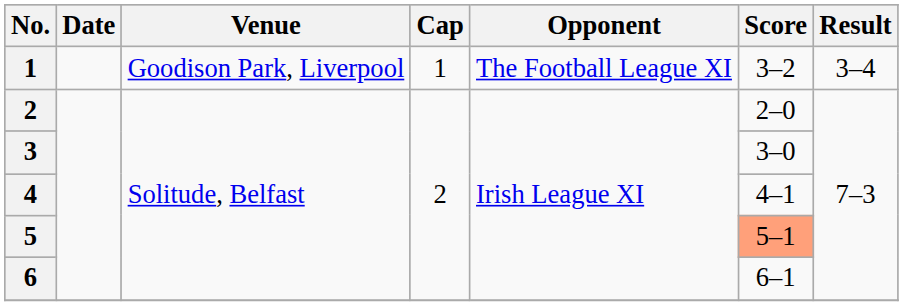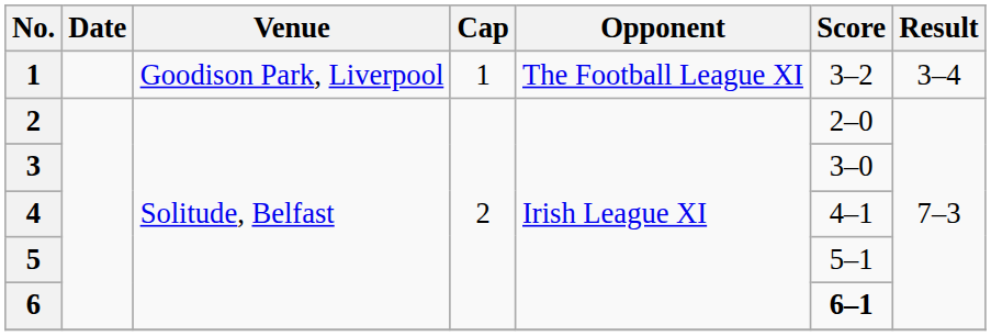 <table class="wikitable sortable plainrowheaders">
 <tr>
 <th scope=col>No.</th>
 <th scope=col data-sort-type=date>Date</th>
 <th scope=col>Venue</th>
 <th scope=col>Cap</th>
 <th scope=col>Opponent</th>
 <th scope=col>Score</th>
 <th scope=col>Result</th>
 </tr>
 <tr>
 <th scope=row>1</th>
 <td></td>
 <td><a href='#'>Goodison Park</a>, <a href='#'>Liverpool</a></td>
 <td align=center>1</td>
 <td> <a href='#'>The Football League XI</a></td>
 <td align=center>3–2</td>
 <td align=center>3–4</td>
 </tr>
 <tr>
 <th scope=row>2</th>
 <td rowspan = "5"></td>
 <td rowspan = "5"><a href='#'>Solitude</a>, <a href='#'>Belfast</a></td>
 <td rowspan = "5" align=center>2</td>
 <td rowspan = "5"> <a href='#'>Irish League XI</a></td>
 <td align=center>2–0</td>
 <td rowspan = "5" align=center>7–3</td>
 </tr>
 <tr>
 <th scope=row>3</th>
 <td align=center>3–0</td>
 </tr>
 <tr>
 <th scope=row>4</th>
 <td align=center>4–1</td>
 </tr>
 <tr>
 <th scope=row>5</th>
-<td align=center style="background: lightsalmon;">5–1</td>
+<td align=center>5–1</td>
 </tr>
 <tr>
 <th scope=row>6</th>
-<td align=center>6–1</td>
+<td align=center><strong>6–1</strong></td>
 </tr>
 <tr>
 </tr>
 </table>
